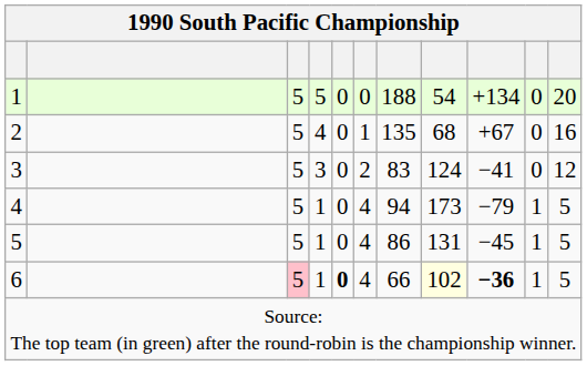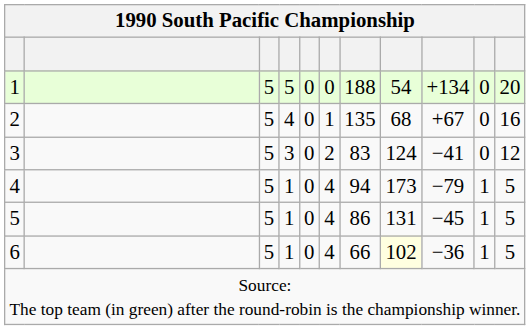 <table class="wikitable" style="text-align:center;">
 <tr>
 <th colspan="100%">1990 South Pacific Championship</th>
 </tr>
 <tr>
 <th style="padding-right:1px;"></th>
 <th style="width:10.8em;"></th>
 <th></th>
 <th></th>
 <th></th>
 <th></th>
 <th></th>
 <th></th>
 <th></th>
 <th></th>
 <th><br></th>
 </tr>
 <tr style="background:#e8ffd8;">
 <td>1</td>
 <td style=text-align:left></td>
 <td>5</td>
 <td>5</td>
 <td>0</td>
 <td>0</td>
 <td>188</td>
 <td>54</td>
 <td>+134</td>
 <td>0</td>
 <td>20</td>
 </tr>
 <tr>
 <td>2</td>
 <td style=text-align:left></td>
 <td>5</td>
 <td>4</td>
 <td>0</td>
 <td>1</td>
 <td>135</td>
 <td>68</td>
 <td>+67</td>
 <td>0</td>
 <td>16</td>
 </tr>
 <tr>
 <td>3</td>
 <td style=text-align:left></td>
 <td>5</td>
 <td>3</td>
 <td>0</td>
 <td>2</td>
 <td>83</td>
 <td>124</td>
 <td>−41</td>
 <td>0</td>
 <td>12</td>
 </tr>
 <tr>
 <td>4</td>
 <td style=text-align:left></td>
 <td>5</td>
 <td>1</td>
 <td>0</td>
 <td>4</td>
 <td>94</td>
 <td>173</td>
 <td>−79</td>
 <td>1</td>
 <td>5</td>
 </tr>
 <tr>
 <td>5</td>
 <td style=text-align:left></td>
 <td>5</td>
 <td>1</td>
 <td>0</td>
 <td>4</td>
 <td>86</td>
 <td>131</td>
 <td>−45</td>
 <td>1</td>
 <td>5</td>
 </tr>
 <tr>
 <td>6</td>
 <td style=text-align:left></td>
-<td style="background: pink;">5</td>
+<td>5</td>
 <td>1</td>
-<td><strong>0</strong></td>
+<td>0</td>
 <td>4</td>
 <td>66</td>
 <td style="background: lightyellow;">102</td>
-<td><strong>−36</strong></td>
+<td>−36</td>
 <td>1</td>
 <td>5</td>
 </tr>
 <tr>
 <td colspan="100%" style="border:0;"><small>Source: <br>The top team <span>(in green)</span> after the round-robin is the championship winner.</small></td>
 </tr>
 </table>
